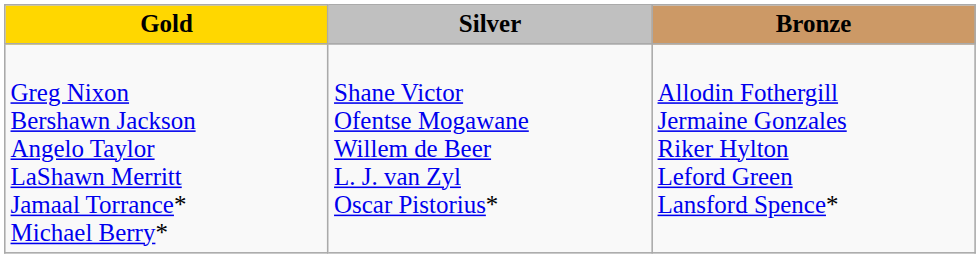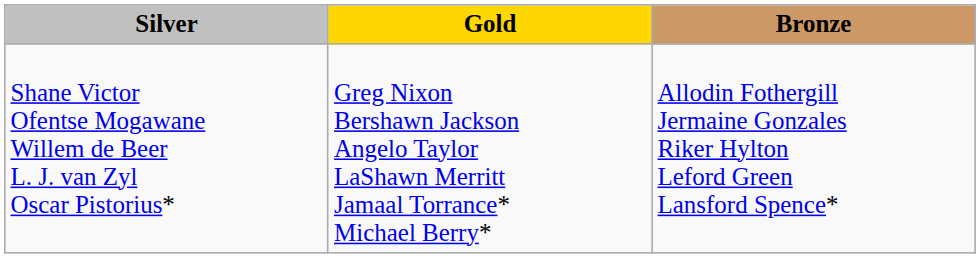 <table class="wikitable" style="text-align:left">
 <tr align="center">
+<td width=200 bgcolor=silver><strong>Silver</strong></td>
 <td width=200 bgcolor=gold><strong>Gold</strong></td>
-<td width=200 bgcolor=silver><strong>Silver</strong></td>
 <td width=200 bgcolor=CC9966><strong>Bronze</strong></td>
 </tr>
 <tr>
+<td valign=top><em></em><br><a href='#'>Shane Victor</a><br><a href='#'>Ofentse Mogawane</a><br><a href='#'>Willem de Beer</a><br><a href='#'>L. J. van Zyl</a><br><a href='#'>Oscar Pistorius</a>*</td>
 <td valign=top><em></em><br><a href='#'>Greg Nixon</a><br><a href='#'>Bershawn Jackson</a><br><a href='#'>Angelo Taylor</a><br><a href='#'>LaShawn Merritt</a><br><a href='#'>Jamaal Torrance</a>*<br><a href='#'>Michael Berry</a>*</td>
-<td valign=top><em></em><br><a href='#'>Shane Victor</a><br><a href='#'>Ofentse Mogawane</a><br><a href='#'>Willem de Beer</a><br><a href='#'>L. J. van Zyl</a><br><a href='#'>Oscar Pistorius</a>*</td>
 <td valign=top><em></em><br><a href='#'>Allodin Fothergill</a><br><a href='#'>Jermaine Gonzales</a><br><a href='#'>Riker Hylton</a><br><a href='#'>Leford Green</a><br><a href='#'>Lansford Spence</a>*</td>
 </tr>
 </table>
